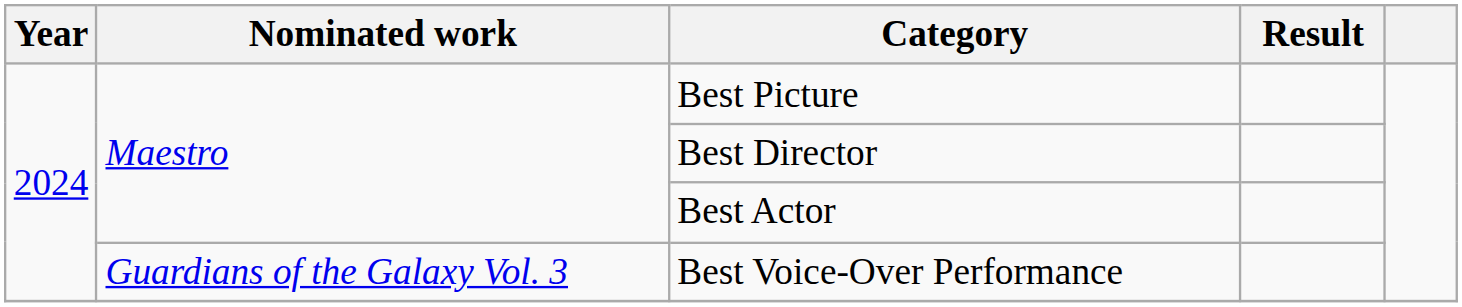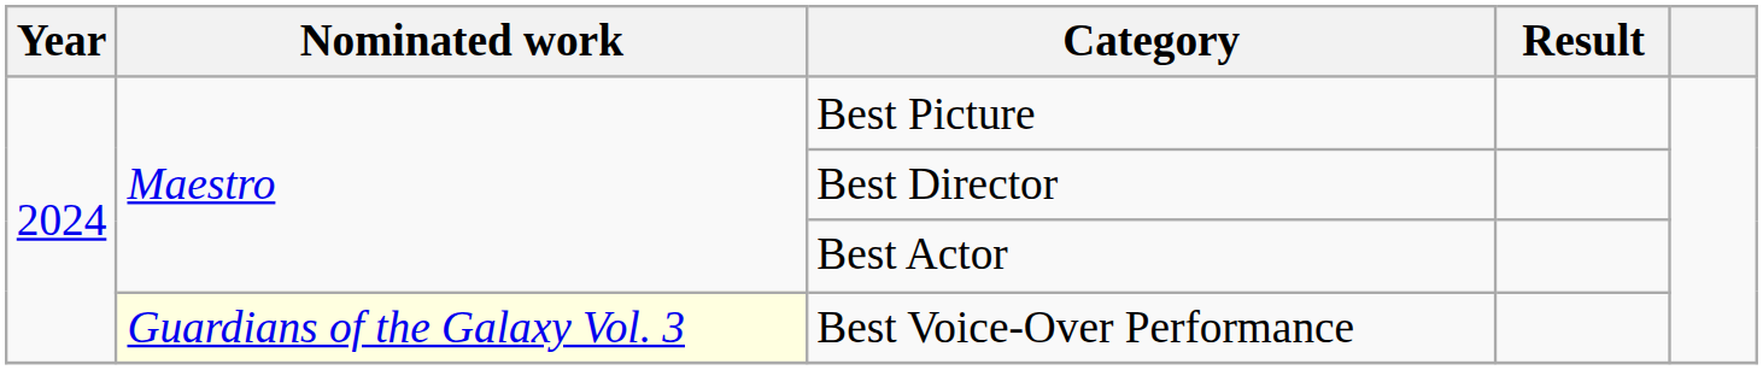 <table class="wikitable" style="width:100%;">
 <tr>
 <th width=5%>Year</th>
 <th style="width:40%;">Nominated work</th>
 <th style="width:40%;">Category</th>
 <th style="width:10%;">Result</th>
 <th width=5%></th>
 </tr>
 <tr>
 <td rowspan="4"><a href='#'>2024</a></td>
 <td rowspan="3"><em><a href='#'>Maestro</a></em></td>
 <td>Best Picture</td>
 <td></td>
 <td rowspan="4" style="text-align:center;"></td>
 </tr>
 <tr>
 <td>Best Director</td>
 <td></td>
 </tr>
 <tr>
 <td>Best Actor</td>
 <td></td>
 </tr>
 <tr>
-<td><em><a href='#'>Guardians of the Galaxy Vol. 3</a></em></td>
+<td style="background: lightyellow;"><em><a href='#'>Guardians of the Galaxy Vol. 3</a></em></td>
 <td>Best Voice-Over Performance</td>
 <td></td>
 </tr>
 <tr>
 </tr>
 </table>
